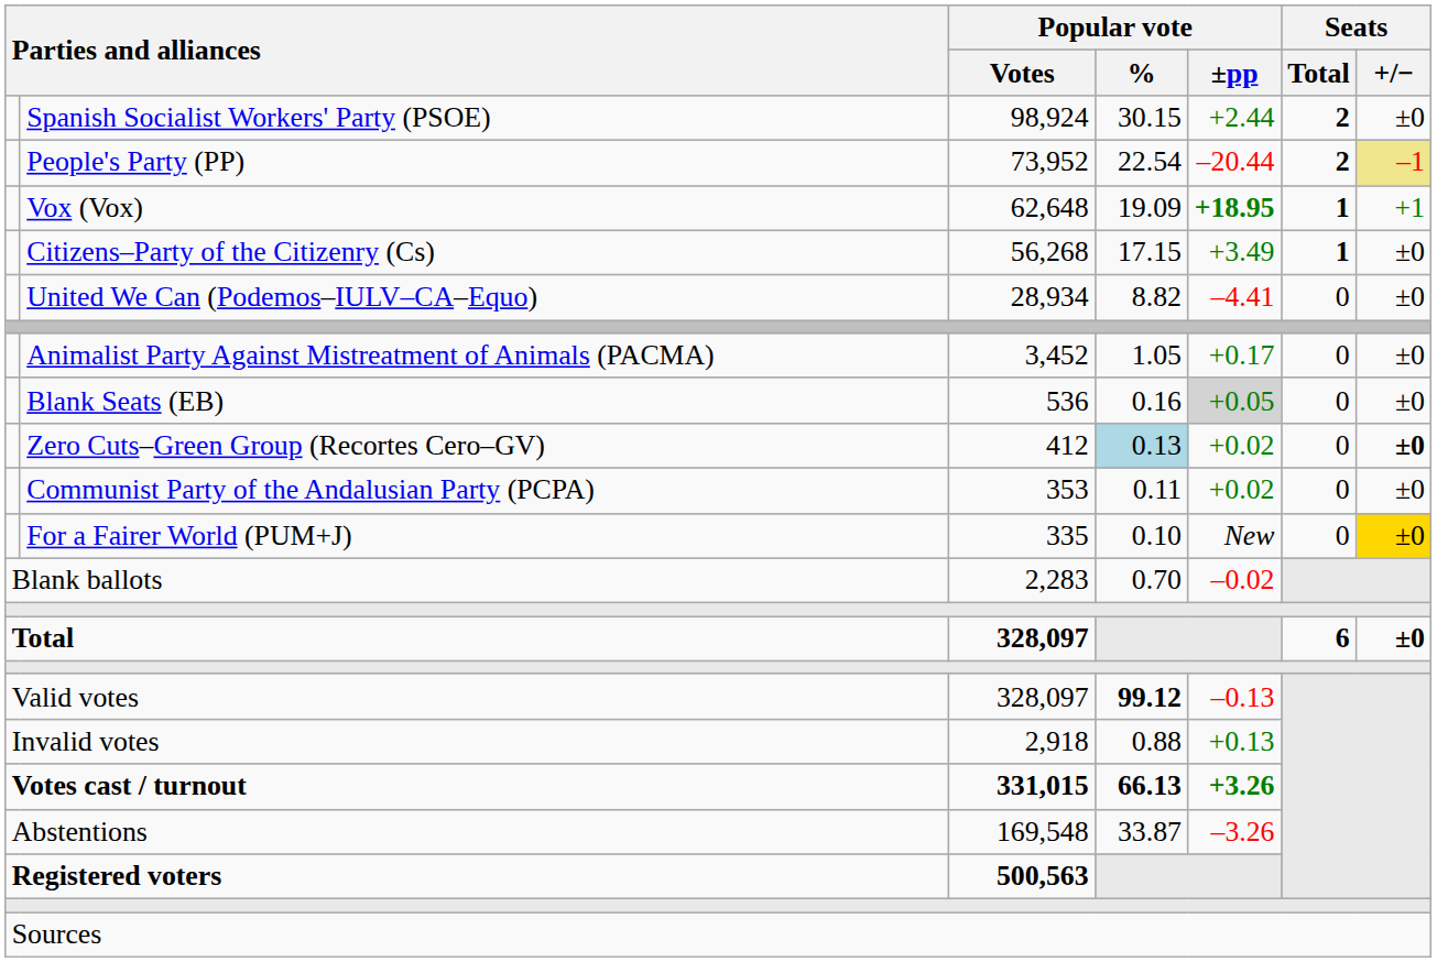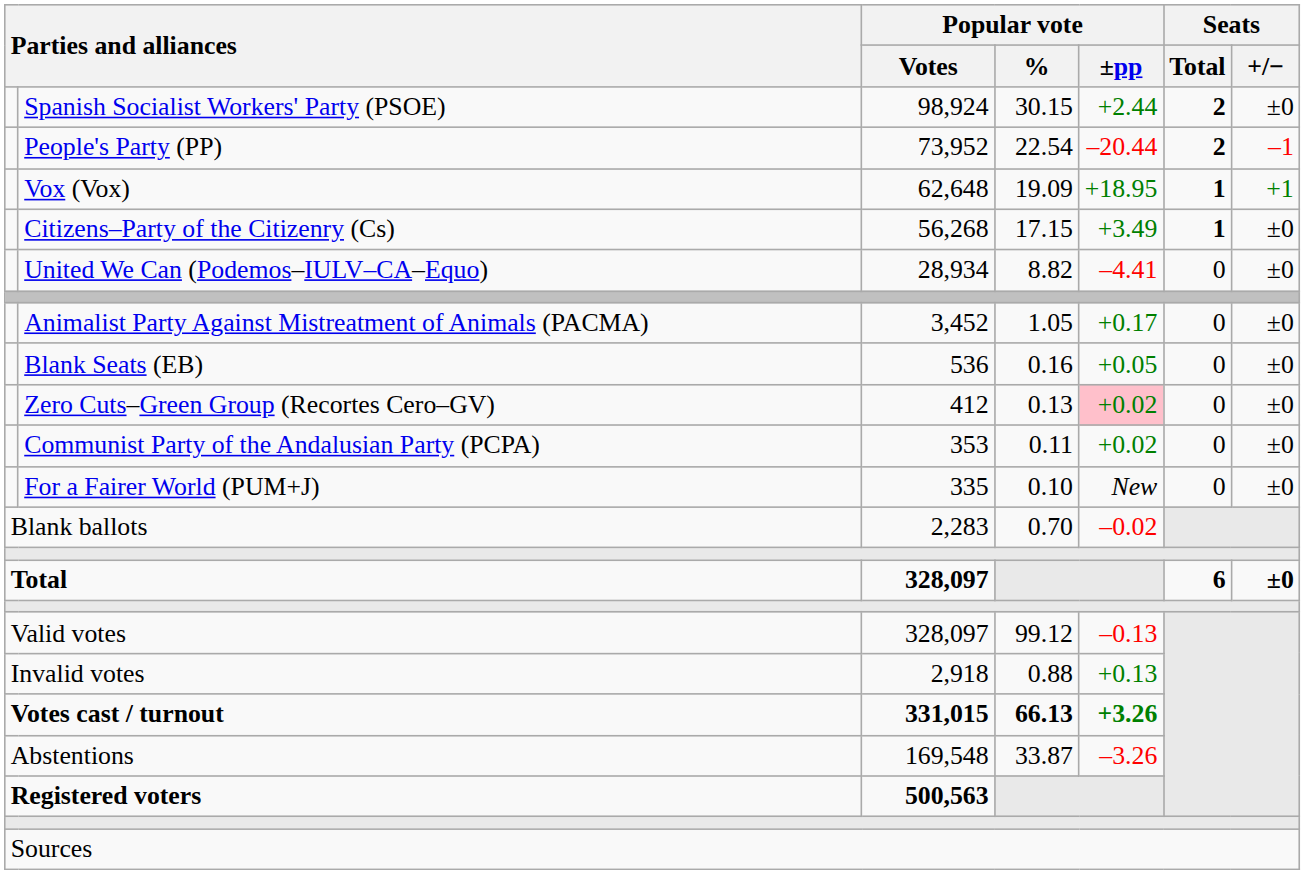 <table class="wikitable" style="text-align:right;">
 <tr>
 <th style="text-align:left;" rowspan="2" colspan="2" width="525">Parties and alliances</th>
 <th colspan="3">Popular vote</th>
 <th colspan="2">Seats</th>
 </tr>
 <tr>
 <th width="75">Votes</th>
 <th width="45">%</th>
 <th width="45">±<a href='#'>pp</a></th>
 <th width="35">Total</th>
 <th width="35">+/−</th>
 </tr>
 <tr>
 <td width="1" style="color:inherit;background:"></td>
 <td align="left"><a href='#'>Spanish Socialist Workers' Party</a> (PSOE)</td>
 <td>98,924</td>
 <td>30.15</td>
 <td style="color:green;">+2.44</td>
 <td><strong>2</strong></td>
 <td>±0</td>
 </tr>
 <tr>
 <td style="color:inherit;background:"></td>
 <td align="left"><a href='#'>People's Party</a> (PP)</td>
 <td>73,952</td>
 <td>22.54</td>
 <td style="color:red;">–20.44</td>
 <td><strong>2</strong></td>
-<td style="background: khaki; color:red;">–1</td>
+<td style="color:red;">–1</td>
 </tr>
 <tr>
 <td style="color:inherit;background:"></td>
 <td align="left"><a href='#'>Vox</a> (Vox)</td>
 <td>62,648</td>
 <td>19.09</td>
-<td style="color:green;"><strong>+18.95</strong></td>
+<td style="color:green;">+18.95</td>
 <td><strong>1</strong></td>
 <td style="color:green;">+1</td>
 </tr>
 <tr>
 <td style="color:inherit;background:"></td>
 <td align="left"><a href='#'>Citizens–Party of the Citizenry</a> (Cs)</td>
 <td>56,268</td>
 <td>17.15</td>
 <td style="color:green;">+3.49</td>
 <td><strong>1</strong></td>
 <td>±0</td>
 </tr>
 <tr>
 <td style="color:inherit;background:"></td>
 <td align="left"><a href='#'>United We Can</a> (<a href='#'>Podemos</a>–<a href='#'>IULV–CA</a>–<a href='#'>Equo</a>)</td>
 <td>28,934</td>
 <td>8.82</td>
 <td style="color:red;">–4.41</td>
 <td>0</td>
 <td>±0</td>
 </tr>
 <tr>
 <td colspan="7" bgcolor="#C0C0C0"></td>
 </tr>
 <tr>
 <td style="color:inherit;background:"></td>
 <td align="left"><a href='#'>Animalist Party Against Mistreatment of Animals</a> (PACMA)</td>
 <td>3,452</td>
 <td>1.05</td>
 <td style="color:green;">+0.17</td>
 <td>0</td>
 <td>±0</td>
 </tr>
 <tr>
 <td style="color:inherit;background:"></td>
 <td align="left"><a href='#'>Blank Seats</a> (EB)</td>
 <td>536</td>
 <td>0.16</td>
-<td style="background: lightgrey; color:green;">+0.05</td>
+<td style="color:green;">+0.05</td>
 <td>0</td>
 <td>±0</td>
 </tr>
 <tr>
 <td style="color:inherit;background:"></td>
 <td align="left"><a href='#'>Zero Cuts</a>–<a href='#'>Green Group</a> (Recortes Cero–GV)</td>
 <td>412</td>
-<td style="background: lightblue;">0.13</td>
-<td style="color:green;">+0.02</td>
+<td>0.13</td>
+<td style="background: pink; color:green;">+0.02</td>
 <td>0</td>
-<td><strong>±0</strong></td>
+<td>±0</td>
 </tr>
 <tr>
 <td style="color:inherit;background:"></td>
 <td align="left"><a href='#'>Communist Party of the Andalusian Party</a> (PCPA)</td>
 <td>353</td>
 <td>0.11</td>
 <td style="color:green;">+0.02</td>
 <td>0</td>
 <td>±0</td>
 </tr>
 <tr>
 <td style="color:inherit;background:"></td>
 <td align="left"><a href='#'>For a Fairer World</a> (PUM+J)</td>
 <td>335</td>
 <td>0.10</td>
 <td><em>New</em></td>
 <td>0</td>
-<td style="background: gold;">±0</td>
+<td>±0</td>
 </tr>
 <tr>
 <td align="left" colspan="2">Blank ballots</td>
 <td>2,283</td>
 <td>0.70</td>
 <td style="color:red;">–0.02</td>
 <td bgcolor="#E9E9E9" colspan="2"></td>
 </tr>
 <tr>
 <td colspan="7" bgcolor="#E9E9E9"></td>
 </tr>
 <tr style="font-weight:bold;">
 <td align="left" colspan="2">Total</td>
 <td>328,097</td>
 <td bgcolor="#E9E9E9" colspan="2"></td>
 <td>6</td>
 <td>±0</td>
 </tr>
 <tr>
 <td colspan="7" bgcolor="#E9E9E9"></td>
 </tr>
 <tr>
 <td align="left" colspan="2">Valid votes</td>
 <td>328,097</td>
-<td><strong>99.12</strong></td>
+<td>99.12</td>
 <td style="color:red;">–0.13</td>
 <td bgcolor="#E9E9E9" colspan="2" rowspan="5"></td>
 </tr>
 <tr>
 <td align="left" colspan="2">Invalid votes</td>
 <td>2,918</td>
 <td>0.88</td>
 <td style="color:green;">+0.13</td>
 </tr>
 <tr style="font-weight:bold;">
 <td align="left" colspan="2">Votes cast / turnout</td>
 <td>331,015</td>
 <td>66.13</td>
 <td style="color:green;">+3.26</td>
 </tr>
 <tr>
 <td align="left" colspan="2">Abstentions</td>
 <td>169,548</td>
 <td>33.87</td>
 <td style="color:red;">–3.26</td>
 </tr>
 <tr style="font-weight:bold;">
 <td align="left" colspan="2">Registered voters</td>
 <td>500,563</td>
 <td bgcolor="#E9E9E9" colspan="2"></td>
 </tr>
 <tr>
 <td colspan="7" bgcolor="#E9E9E9"></td>
 </tr>
 <tr>
 <td align="left" colspan="7">Sources</td>
 </tr>
 </table>
